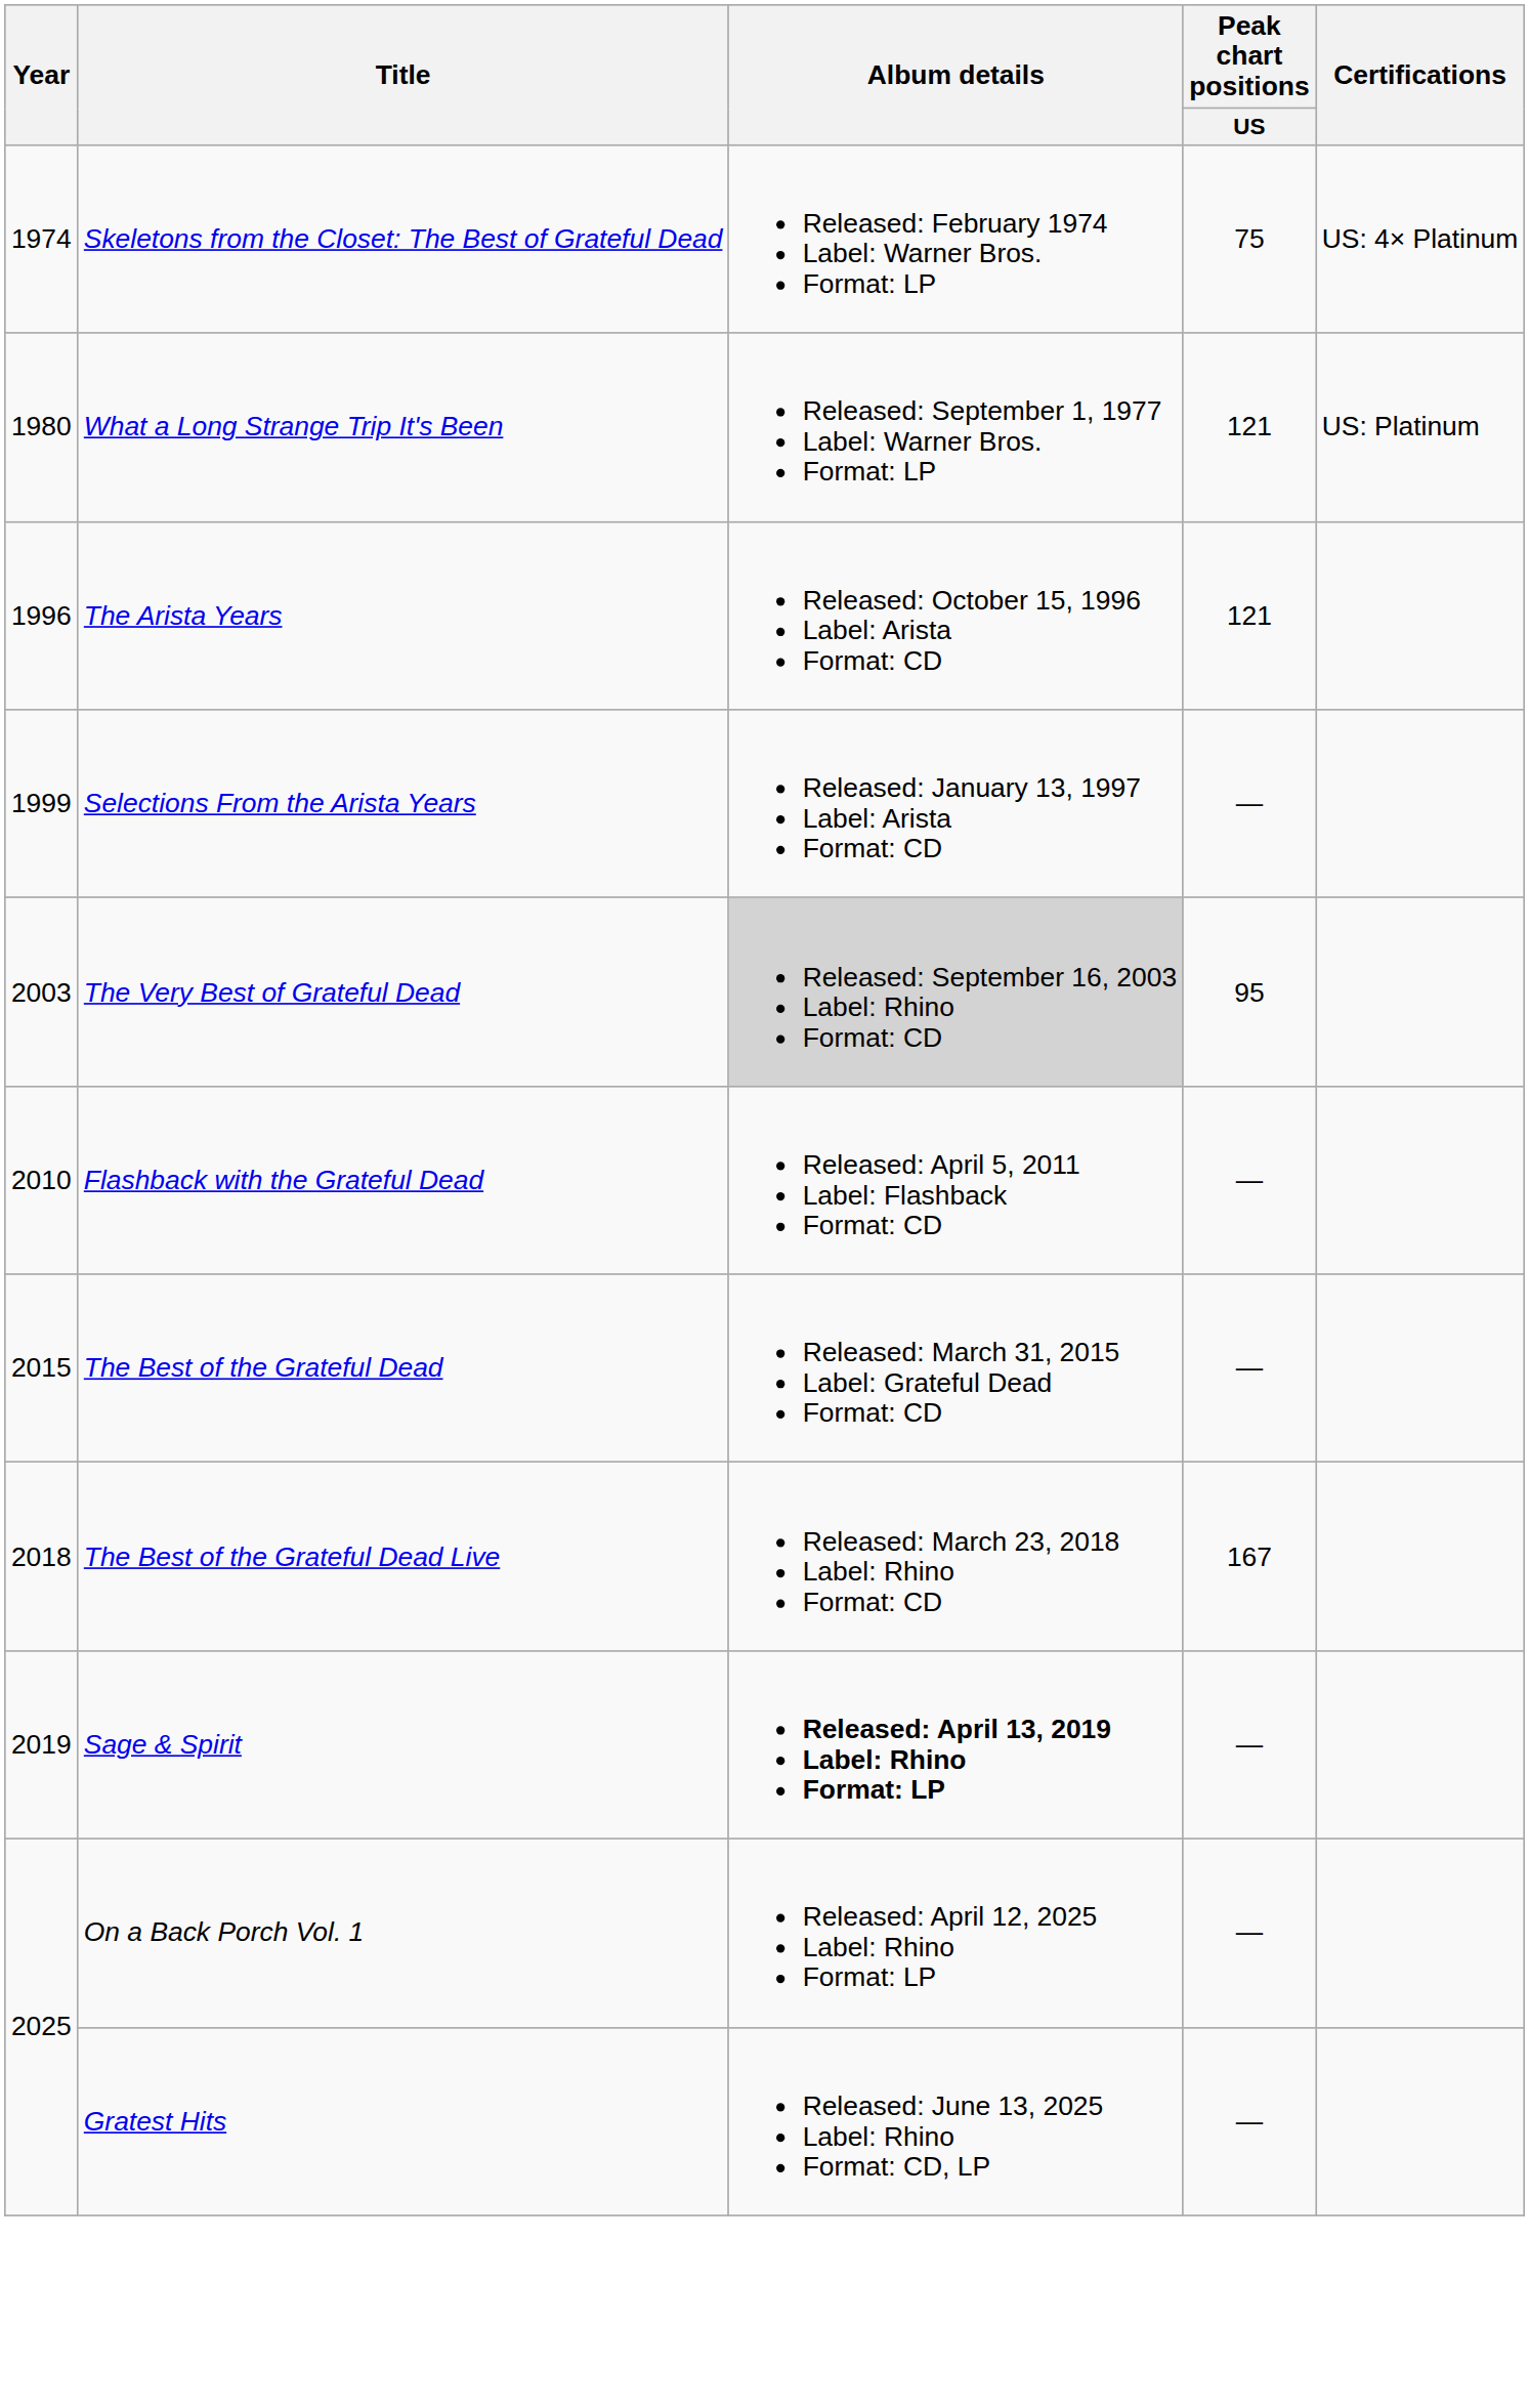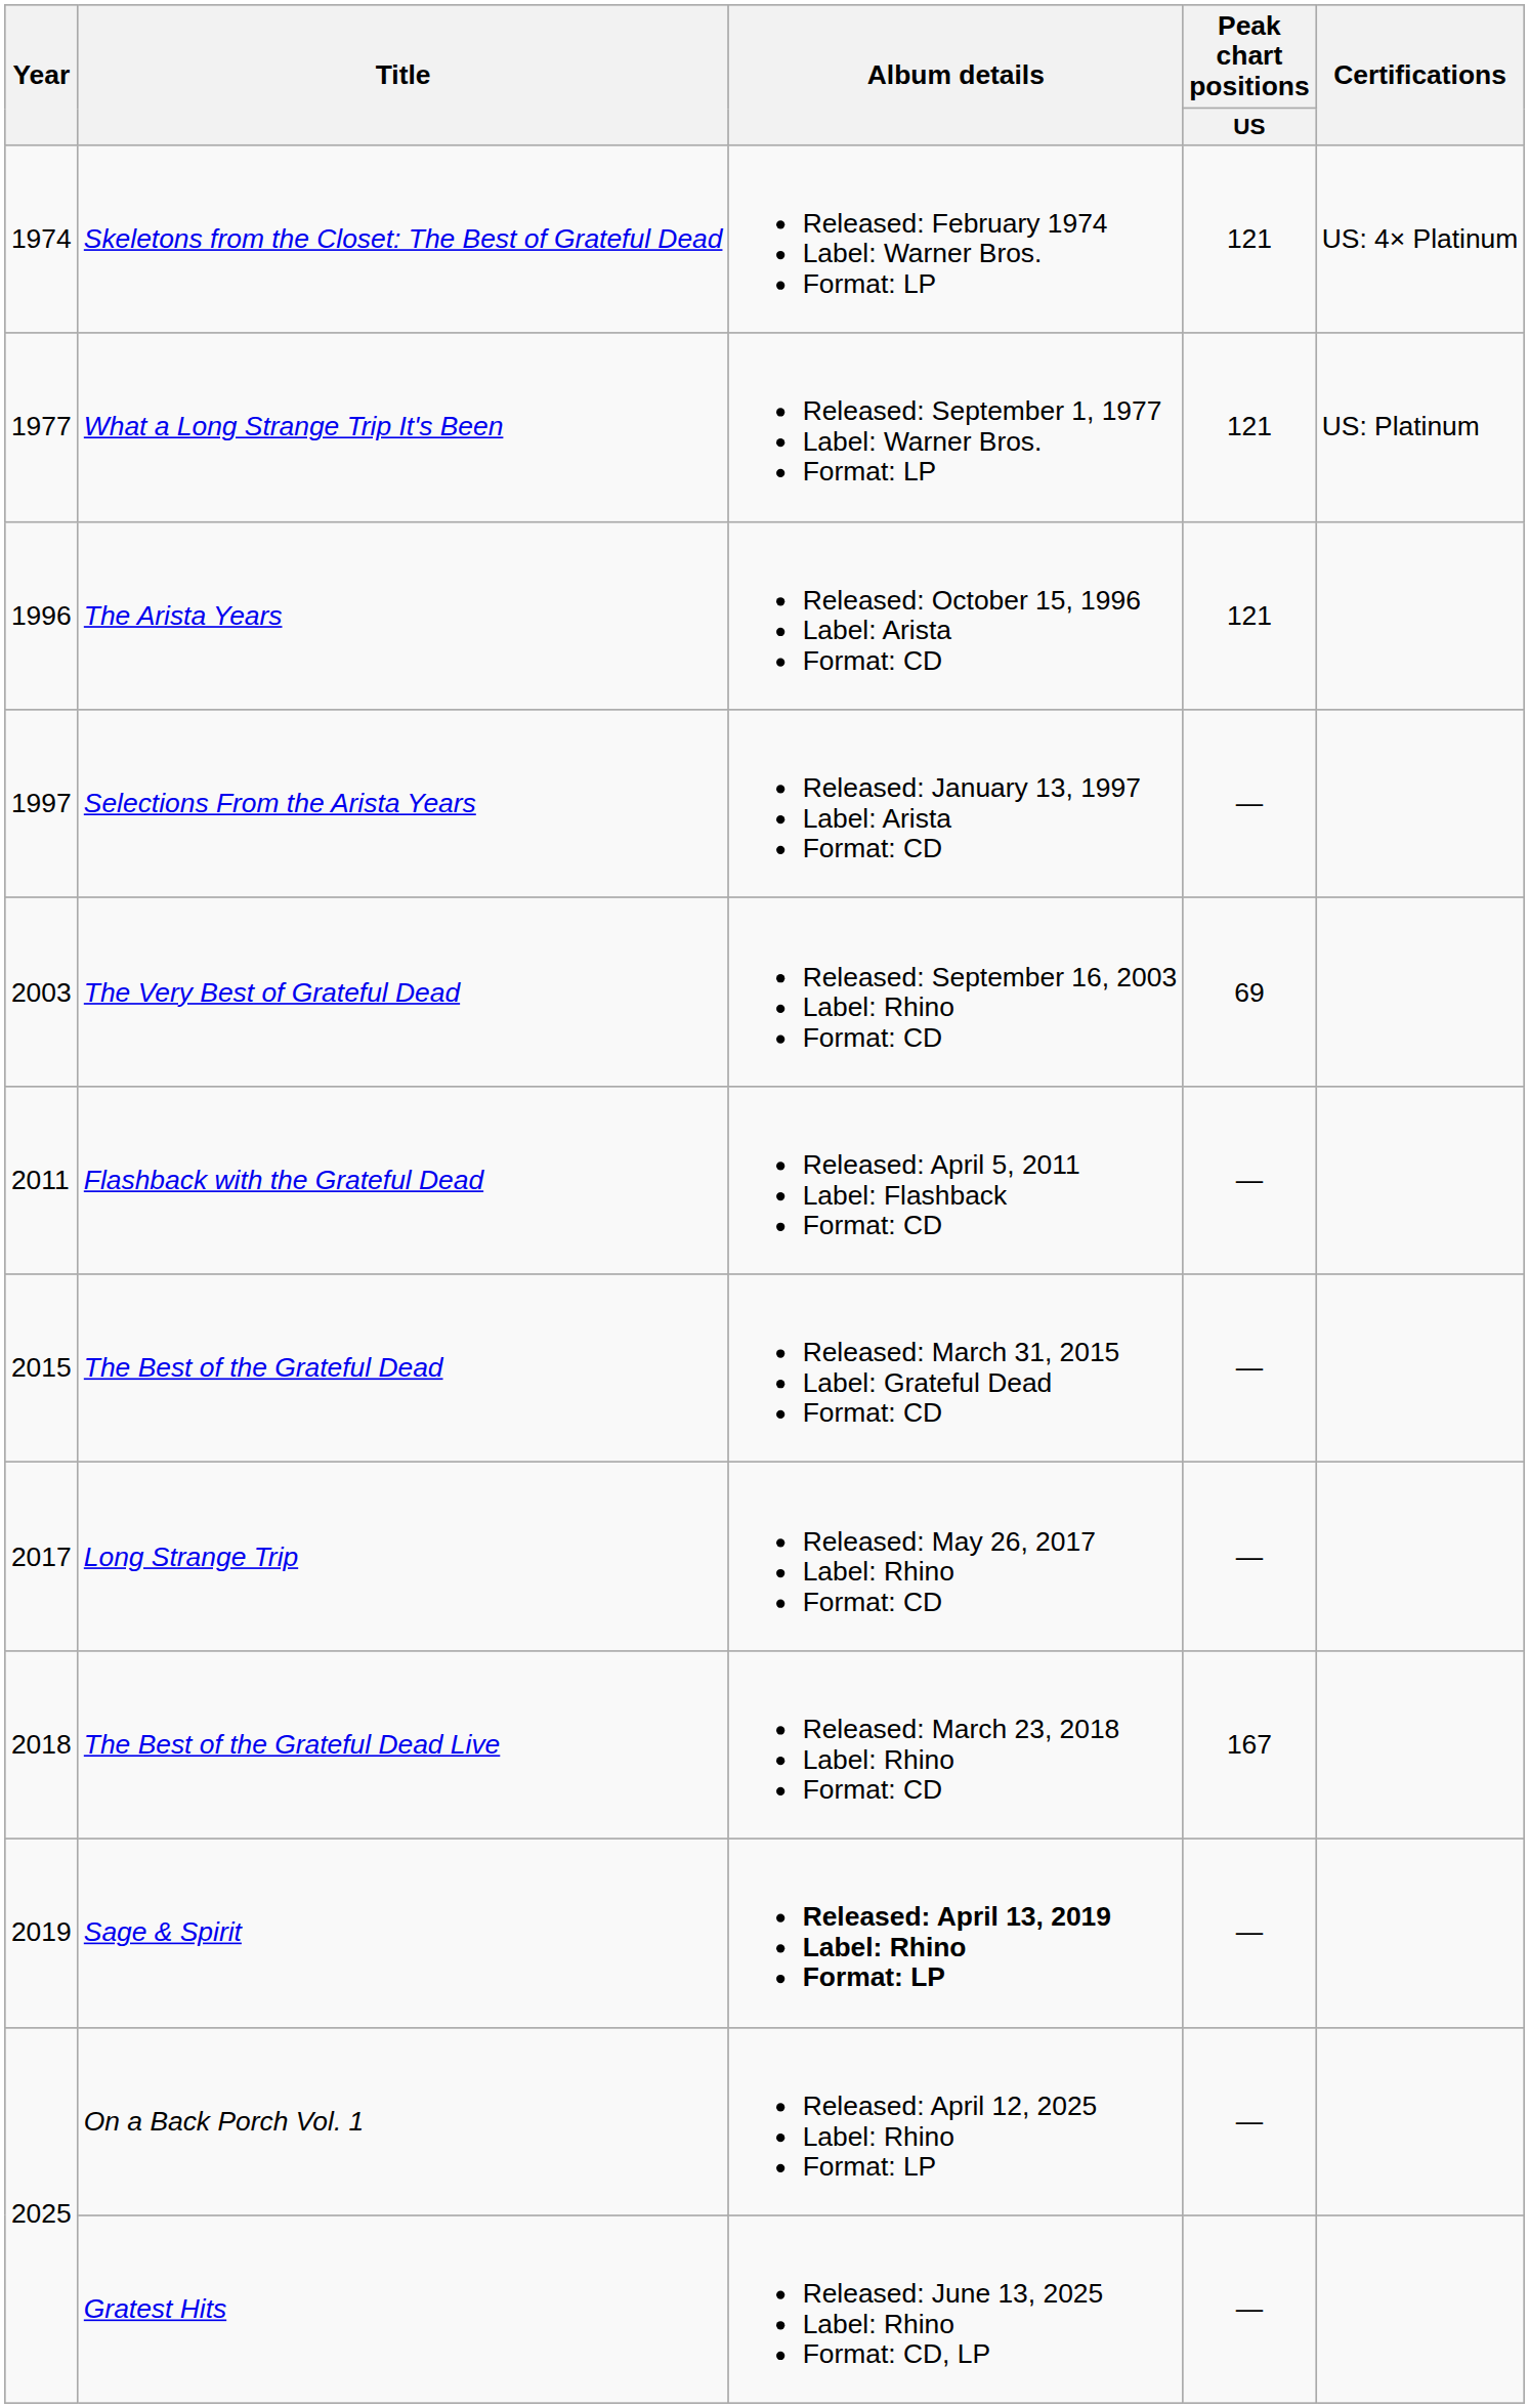 <table class="wikitable">
 <tr>
 <th scope="col" rowspan="2">Year</th>
 <th scope="col" rowspan="2">Title</th>
 <th scope="col" rowspan="2">Album details</th>
 <th scope="col" colspan="1">Peak chart positions</th>
 <th scope="col" rowspan="2">Certifications</th>
 </tr>
 <tr>
 <th scope="col" style="width:3em;font-size:85%">US<br></th>
 </tr>
 <tr>
 <td>1974</td>
 <td><em><a href='#'>Skeletons from the Closet: The Best of Grateful Dead</a></em></td>
 <td><br><ul><li>Released: February 1974</li><li>Label: Warner Bros.</li><li>Format: LP</li></ul></td>
-<td style="text-align:center;">75</td>
+<td style="text-align:center;">121</td>
 <td>US: 4× Platinum</td>
 </tr>
 <tr>
-<td>1980</td>
+<td>1977</td>
 <td><em><a href='#'>What a Long Strange Trip It's Been</a></em></td>
 <td><br><ul><li>Released: September 1, 1977</li><li>Label: Warner Bros.</li><li>Format: LP</li></ul></td>
 <td style="text-align:center;">121</td>
 <td>US: Platinum</td>
 </tr>
 <tr>
 <td>1996</td>
 <td><em><a href='#'>The Arista Years</a></em></td>
 <td><br><ul><li>Released: October 15, 1996</li><li>Label: Arista</li><li>Format: CD</li></ul></td>
 <td style="text-align:center;">121</td>
 <td></td>
 </tr>
 <tr>
-<td>1999</td>
+<td>1997</td>
 <td><em><a href='#'>Selections From the Arista Years</a></em></td>
 <td><br><ul><li>Released: January 13, 1997</li><li>Label: Arista</li><li>Format: CD</li></ul></td>
 <td style="text-align:center;">—</td>
 <td></td>
 </tr>
 <tr>
 <td>2003</td>
 <td><em><a href='#'>The Very Best of Grateful Dead</a></em></td>
-<td style="background: lightgrey;"><br><ul><li>Released: September 16, 2003</li><li>Label: Rhino</li><li>Format: CD</li></ul></td>
-<td style="text-align:center;">95</td>
+<td><br><ul><li>Released: September 16, 2003</li><li>Label: Rhino</li><li>Format: CD</li></ul></td>
+<td style="text-align:center;">69</td>
 <td></td>
 </tr>
 <tr>
-<td>2010</td>
+<td>2011</td>
 <td><em><a href='#'>Flashback with the Grateful Dead</a></em></td>
 <td><br><ul><li>Released: April 5, 2011</li><li>Label: Flashback</li><li>Format: CD</li></ul></td>
 <td style="text-align:center;">—</td>
 <td></td>
 </tr>
 <tr>
 <td>2015</td>
 <td><em><a href='#'>The Best of the Grateful Dead</a></em></td>
 <td><br><ul><li>Released: March 31, 2015</li><li>Label: Grateful Dead</li><li>Format: CD</li></ul></td>
+<td style="text-align:center;">—</td>
+<td></td>
+</tr>
+<tr>
+<td>2017</td>
+<td><em><a href='#'>Long Strange Trip</a></em></td>
+<td><br><ul><li>Released: May 26, 2017</li><li>Label: Rhino</li><li>Format: CD</li></ul></td>
 <td style="text-align:center;">—</td>
 <td></td>
 </tr>
 <tr>
 <td>2018</td>
 <td><em><a href='#'>The Best of the Grateful Dead Live</a></em></td>
 <td><br><ul><li>Released: March 23, 2018</li><li>Label: Rhino</li><li>Format: CD</li></ul></td>
 <td style="text-align:center;">167</td>
 <td></td>
 </tr>
 <tr>
 <td>2019</td>
 <td><em><a href='#'>Sage & Spirit</a></em></td>
 <td><strong><br><ul><li>Released: April 13, 2019</li><li>Label: Rhino</li><li>Format: LP</li></ul></strong></td>
 <td style="text-align:center;">—</td>
 <td></td>
 </tr>
 <tr>
 <td rowspan="2">2025</td>
 <td><em>On a Back Porch Vol. 1</em></td>
 <td><br><ul><li>Released: April 12, 2025</li><li>Label: Rhino</li><li>Format: LP</li></ul></td>
 <td style="text-align:center;">—</td>
 <td></td>
 </tr>
 <tr>
 <td><em><a href='#'>Gratest Hits</a></em></td>
 <td><br><ul><li>Released: June 13, 2025</li><li>Label: Rhino</li><li>Format: CD, LP</li></ul></td>
 <td style="text-align:center;">—</td>
 <td></td>
 </tr>
 </table>
